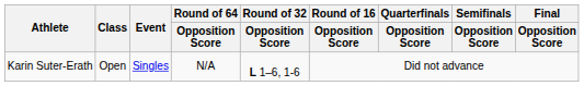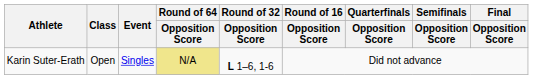 <table class=wikitable style="font-size:90%">
 <tr>
 <th rowspan="2">Athlete</th>
 <th rowspan="2">Class</th>
 <th rowspan="2">Event</th>
 <th>Round of 64</th>
 <th>Round of 32</th>
 <th>Round of 16</th>
 <th>Quarterfinals</th>
 <th>Semifinals</th>
 <th>Final</th>
 </tr>
 <tr>
 <th>Opposition<br>Score</th>
 <th>Opposition<br>Score</th>
 <th>Opposition<br>Score</th>
 <th>Opposition<br>Score</th>
 <th>Opposition<br>Score</th>
 <th>Opposition<br>Score</th>
 </tr>
 <tr>
 <td>Karin Suter-Erath</td>
 <td align="center">Open</td>
 <td><a href='#'>Singles</a></td>
-<td align="center">N/A</td>
+<td align="center" style="background: khaki;">N/A</td>
 <td align="center"><br><strong>L</strong> 1–6, 1-6</td>
 <td align="center" colspan="4">Did not advance</td>
 </tr>
 </table>
